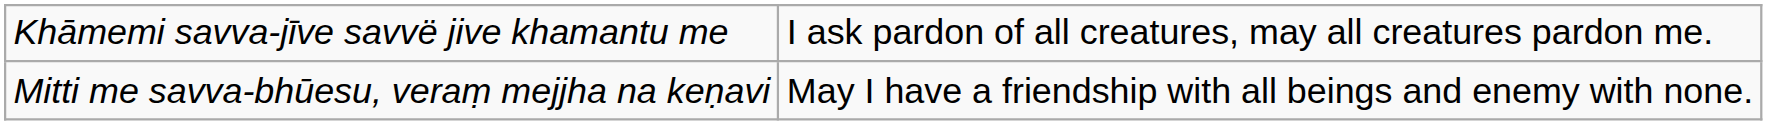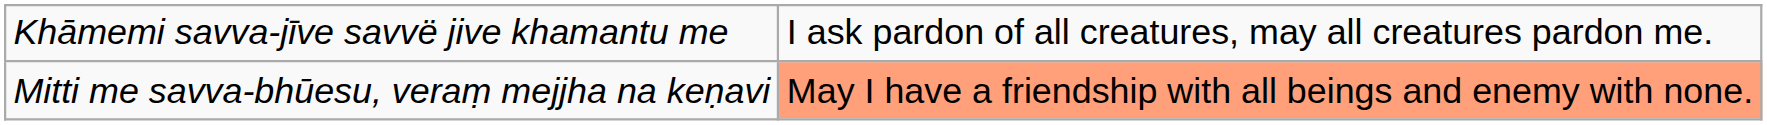 <table class="wikitable">
 <tr>
 <td><em>Khāmemi savva-jīve savvë jive khamantu me</em></td>
 <td>I ask pardon of all creatures, may all creatures pardon me.</td>
 </tr>
 <tr>
 <td><em>Mitti me savva-bhūesu, veraṃ mejjha na keṇavi</em></td>
-<td>May I have a friendship with all beings and enemy with none.</td>
+<td style="background: lightsalmon;">May I have a friendship with all beings and enemy with none.</td>
 </tr>
 </table>
